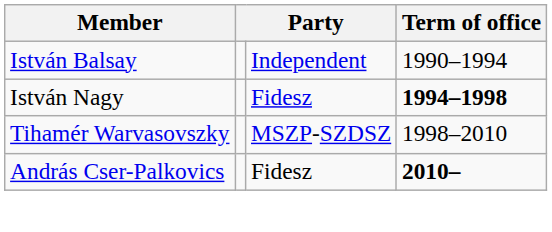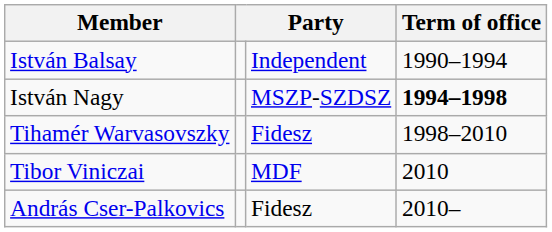 <table class=wikitable>
 <tr>
 <th>Member</th>
 <th colspan=2>Party</th>
 <th>Term of office</th>
 </tr>
 <tr>
 <td><a href='#'>István Balsay</a></td>
 <td style="background-color:"></td>
 <td><a href='#'>Independent</a></td>
 <td>1990–1994</td>
 </tr>
 <tr>
 <td>István Nagy</td>
 <td style="background-color:"></td>
-<td><a href='#'>Fidesz</a></td>
+<td><a href='#'>MSZP</a>-<a href='#'>SZDSZ</a></td>
 <td><strong>1994–1998</strong></td>
 </tr>
 <tr>
 <td><a href='#'>Tihamér Warvasovszky</a></td>
 <td style="background-color:"></td>
-<td><a href='#'>MSZP</a>-<a href='#'>SZDSZ</a></td>
+<td><a href='#'>Fidesz</a></td>
 <td>1998–2010</td>
+</tr>
+<tr>
+<td><a href='#'>Tibor Viniczai</a></td>
+<td style="background-color:"></td>
+<td><a href='#'>MDF</a></td>
+<td>2010</td>
 </tr>
 <tr>
 <td><a href='#'>András Cser-Palkovics</a></td>
 <td style="background-color:"></td>
 <td>Fidesz</td>
-<td><strong>2010–</strong></td>
+<td>2010–</td>
 </tr>
 </table>
